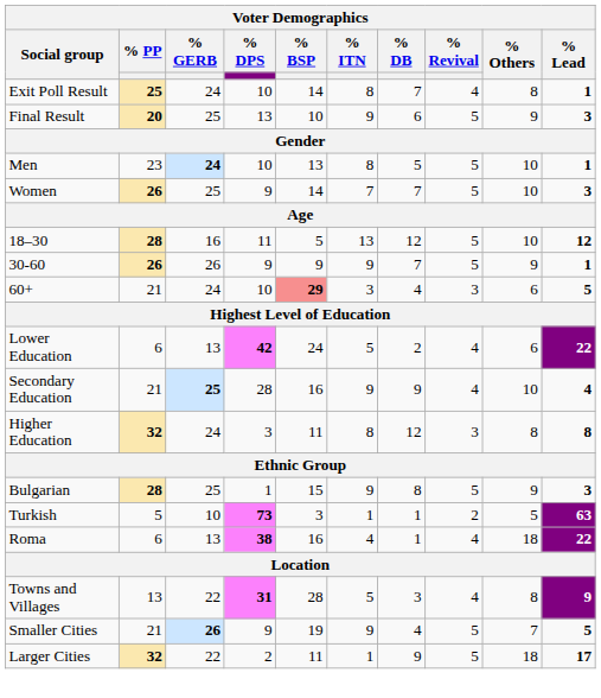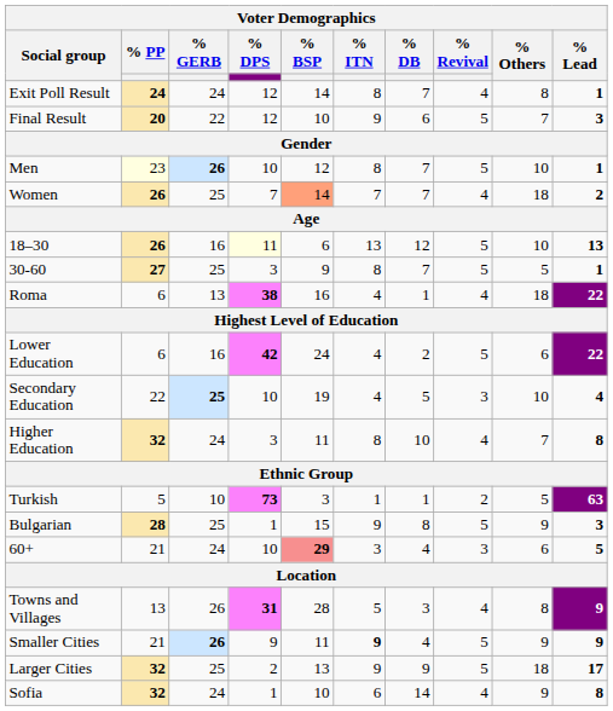 <table class=wikitable>
 <tr>
 <th colspan="10">Voter Demographics</th>
 </tr>
 <tr>
 <th style="width:150px;" rowspan="2">Social group</th>
 <th style="width:60px;" class="unsortable">% <a href='#'>PP</a></th>
 <th style="width:60px;" class="unsortable">% <a href='#'>GERB</a></th>
 <th style="width:60px;" class="unsortable">% <a href='#'>DPS</a></th>
 <th style="width:60px;" class="unsortable">% <a href='#'>BSP</a></th>
 <th style="width:60px;" class="unsortable">% <a href='#'>ITN</a></th>
 <th style="width:60px;" class="unsortable">% <a href='#'>DB</a></th>
 <th>% <a href='#'>Revival</a></th>
 <th style="width:60px;" rowspan="2" class="unsortable">% Others</th>
 <th style="width:60px;" rowspan="2" class="unsortable">% Lead</th>
 </tr>
 <tr>
 <th class="unsortable" style="color:inherit;background:"></th>
 <th class="unsortable" style="color:inherit;background:"></th>
 <th class="unsortable" style="color:inherit;background:#800080;  width:60px;"></th>
 <th class="unsortable" style="color:inherit;background:"></th>
 <th class="unsortable" style="color:inherit;background:"></th>
 <th class="unsortable" style="color:inherit;background:"></th>
 <th class="unsortable" style="color:inherit;background:"></th>
 </tr>
 <tr>
 <td>Exit Poll Result</td>
-<td style="text-align:right; background:#FBE8AF;"><strong>25</strong></td>
+<td style="text-align:right; background:#FBE8AF;"><strong>24</strong></td>
 <td style="text-align:right;">24</td>
-<td style="text-align:right;">10</td>
+<td style="text-align:right;">12</td>
 <td style="text-align:right;">14</td>
 <td style="text-align:right;">8</td>
 <td style="text-align:right;">7</td>
 <td style="text-align:right;">4</td>
 <td style="text-align:right;">8</td>
 <td style="text-align:right; background:"><strong>1</strong></td>
 </tr>
 <tr>
 <td>Final Result</td>
 <td style="text-align:right; background:#FBE8AF;"><strong>20</strong></td>
-<td style="text-align:right;">25</td>
-<td style="text-align:right;">13</td>
+<td style="text-align:right;">22</td>
+<td style="text-align:right;">12</td>
 <td style="text-align:right;">10</td>
 <td style="text-align:right;">9</td>
 <td style="text-align:right;">6</td>
 <td style="text-align:right;">5</td>
-<td style="text-align:right;">9</td>
+<td style="text-align:right;">7</td>
 <td style="text-align:right; background:"><strong>3</strong></td>
 </tr>
 <tr>
 <th colspan=10>Gender</th>
 </tr>
 <tr>
 <td>Men</td>
-<td style="text-align:right;">23</td>
-<td style="text-align:right; background:#CCE6FF;"><strong>24</strong></td>
+<td style="background: lightyellow; text-align:right;">23</td>
+<td style="text-align:right; background:#CCE6FF;"><strong>26</strong></td>
 <td style="text-align:right;">10</td>
-<td style="text-align:right;">13</td>
+<td style="text-align:right;">12</td>
 <td style="text-align:right;">8</td>
-<td style="text-align:right;">5</td>
+<td style="text-align:right;">7</td>
 <td style="text-align:right;">5</td>
 <td style="text-align:right;">10</td>
 <td style="text-align:right; background:"><strong>1</strong></td>
 </tr>
 <tr>
 <td>Women</td>
 <td style="text-align:right; background:#FBE8AF;"><strong>26</strong></td>
 <td style="text-align:right;">25</td>
-<td style="text-align:right;">9</td>
-<td style="text-align:right;">14</td>
+<td style="text-align:right;">7</td>
+<td style="background: lightsalmon; text-align:right;">14</td>
 <td style="text-align:right;">7</td>
 <td style="text-align:right;">7</td>
-<td style="text-align:right;">5</td>
-<td style="text-align:right;">10</td>
-<td style="text-align:right; background:"><strong>3</strong></td>
+<td style="text-align:right;">4</td>
+<td style="text-align:right;">18</td>
+<td style="text-align:right; background:"><strong>2</strong></td>
 </tr>
 <tr>
 <th colspan=10>Age</th>
 </tr>
 <tr>
 <td>18–30</td>
-<td style="text-align:right; background:#FBE8AF;"><strong>28</strong></td>
+<td style="text-align:right; background:#FBE8AF;"><strong>26</strong></td>
 <td style="text-align:right;">16</td>
-<td style="text-align:right;">11</td>
-<td style="text-align:right;">5</td>
+<td style="background: lightyellow; text-align:right;">11</td>
+<td style="text-align:right;">6</td>
 <td style="text-align:right;">13</td>
 <td style="text-align:right;">12</td>
 <td style="text-align:right;">5</td>
 <td style="text-align:right;">10</td>
-<td style="text-align:right; background:"><strong>12</strong></td>
+<td style="text-align:right; background:"><strong>13</strong></td>
 </tr>
 <tr>
 <td>30-60</td>
-<td style="text-align:right; background:#FBE8AF;"><strong>26</strong></td>
-<td style="text-align:right;">26</td>
+<td style="text-align:right; background:#FBE8AF;"><strong>27</strong></td>
+<td style="text-align:right;">25</td>
+<td style="text-align:right;">3</td>
 <td style="text-align:right;">9</td>
-<td style="text-align:right;">9</td>
-<td style="text-align:right;">9</td>
+<td style="text-align:right;">8</td>
 <td style="text-align:right;">7</td>
 <td style="text-align:right;">5</td>
+<td style="text-align:right;">5</td>
+<td style="text-align:right; background:"><strong>1</strong></td>
+</tr>
+<tr>
+<td>Roma</td>
+<td style="text-align:right;">6</td>
+<td style="text-align:right;">13</td>
+<td style="text-align:right; background:#FC81FC"><strong>38</strong></td>
+<td style="text-align:right;">16</td>
+<td style="text-align:right;">4</td>
+<td style="text-align:right;">1</td>
+<td style="text-align:right;">4</td>
+<td style="text-align:right;">18</td>
+<td style="text-align:right; background:#800080; color:white;"><strong>22</strong></td>
+</tr>
+<tr>
+<th colspan=10>Highest Level of Education</th>
+</tr>
+<tr>
+<td>Lower Education</td>
+<td style="text-align:right;">6</td>
+<td style="text-align:right;">16</td>
+<td style="text-align:right; background:#FC81FC"><strong>42</strong></td>
+<td style="text-align:right;">24</td>
+<td style="text-align:right;">4</td>
+<td style="text-align:right;">2</td>
+<td style="text-align:right;">5</td>
+<td style="text-align:right;">6</td>
+<td style="text-align:right; background:#800080; color:white;"><strong>22</strong></td>
+</tr>
+<tr>
+<td>Secondary Education</td>
+<td style="text-align:right;">22</td>
+<td style="text-align:right; background:#CCE6FF;"><strong>25</strong></td>
+<td style="text-align:right;">10</td>
+<td style="text-align:right;">19</td>
+<td style="text-align:right;">4</td>
+<td style="text-align:right;">5</td>
+<td style="text-align:right;">3</td>
+<td style="text-align:right;">10</td>
+<td style="text-align:right; background:"><strong>4</strong></td>
+</tr>
+<tr>
+<td>Higher Education</td>
+<td style="text-align:right; background:#FBE8AF;"><strong>32</strong></td>
+<td style="text-align:right;">24</td>
+<td style="text-align:right;">3</td>
+<td style="text-align:right;">11</td>
+<td style="text-align:right;">8</td>
+<td style="text-align:right;">10</td>
+<td style="text-align:right;">4</td>
+<td style="text-align:right;">7</td>
+<td style="text-align:right; background:"><strong>8</strong></td>
+</tr>
+<tr>
+<th colspan=10>Ethnic Group</th>
+</tr>
+<tr>
+<td>Turkish</td>
+<td style="text-align:right;">5</td>
+<td style="text-align:right;">10</td>
+<td style="text-align:right; background:#FC81FC"><strong>73</strong></td>
+<td style="text-align:right;">3</td>
+<td style="text-align:right;">1</td>
+<td style="text-align:right;">1</td>
+<td style="text-align:right;">2</td>
+<td style="text-align:right;">5</td>
+<td style="text-align:right; background:#800080; color:white;"><strong>63</strong></td>
+</tr>
+<tr>
+<td>Bulgarian</td>
+<td style="text-align:right; background:#FBE8AF;"><strong>28</strong></td>
+<td style="text-align:right;">25</td>
+<td style="text-align:right;">1</td>
+<td style="text-align:right;">15</td>
 <td style="text-align:right;">9</td>
-<td style="text-align:right; background:"><strong>1</strong></td>
+<td style="text-align:right;">8</td>
+<td style="text-align:right;">5</td>
+<td style="text-align:right;">9</td>
+<td style="text-align:right; background:"><strong>3</strong></td>
 </tr>
 <tr>
 <td>60+</td>
 <td style="text-align:right;">21</td>
 <td style="text-align:right;">24</td>
 <td style="text-align:right;">10</td>
 <td style="text-align:right; background:#F78F8F;"><strong>29</strong></td>
 <td style="text-align:right;">3</td>
 <td style="text-align:right;">4</td>
 <td style="text-align:right;">3</td>
 <td style="text-align:right;">6</td>
 <td style="text-align:right; background:"><strong>5</strong></td>
 </tr>
 <tr>
-<th colspan=10>Highest Level of Education</th>
-</tr>
-<tr>
-<td>Lower Education</td>
-<td style="text-align:right;">6</td>
-<td style="text-align:right;">13</td>
-<td style="text-align:right; background:#FC81FC"><strong>42</strong></td>
-<td style="text-align:right;">24</td>
-<td style="text-align:right;">5</td>
-<td style="text-align:right;">2</td>
-<td style="text-align:right;">4</td>
-<td style="text-align:right;">6</td>
-<td style="text-align:right; background:#800080; color:white;"><strong>22</strong></td>
-</tr>
-<tr>
-<td>Secondary Education</td>
-<td style="text-align:right;">21</td>
-<td style="text-align:right; background:#CCE6FF;"><strong>25</strong></td>
-<td style="text-align:right;">28</td>
-<td style="text-align:right;">16</td>
-<td style="text-align:right;">9</td>
-<td style="text-align:right;">9</td>
-<td style="text-align:right;">4</td>
-<td style="text-align:right;">10</td>
-<td style="text-align:right; background:"><strong>4</strong></td>
-</tr>
-<tr>
-<td>Higher Education</td>
-<td style="text-align:right; background:#FBE8AF;"><strong>32</strong></td>
-<td style="text-align:right;">24</td>
-<td style="text-align:right;">3</td>
-<td style="text-align:right;">11</td>
-<td style="text-align:right;">8</td>
-<td style="text-align:right;">12</td>
-<td style="text-align:right;">3</td>
-<td style="text-align:right;">8</td>
-<td style="text-align:right; background:"><strong>8</strong></td>
-</tr>
-<tr>
-<th colspan=10>Ethnic Group</th>
-</tr>
-<tr>
-<td>Bulgarian</td>
-<td style="text-align:right; background:#FBE8AF;"><strong>28</strong></td>
-<td style="text-align:right;">25</td>
-<td style="text-align:right;">1</td>
-<td style="text-align:right;">15</td>
-<td style="text-align:right;">9</td>
-<td style="text-align:right;">8</td>
-<td style="text-align:right;">5</td>
-<td style="text-align:right;">9</td>
-<td style="text-align:right; background:"><strong>3</strong></td>
-</tr>
-<tr>
-<td>Turkish</td>
-<td style="text-align:right;">5</td>
-<td style="text-align:right;">10</td>
-<td style="text-align:right; background:#FC81FC"><strong>73</strong></td>
-<td style="text-align:right;">3</td>
-<td style="text-align:right;">1</td>
-<td style="text-align:right;">1</td>
-<td style="text-align:right;">2</td>
-<td style="text-align:right;">5</td>
-<td style="text-align:right; background:#800080; color:white;"><strong>63</strong></td>
-</tr>
-<tr>
-<td>Roma</td>
-<td style="text-align:right;">6</td>
-<td style="text-align:right;">13</td>
-<td style="text-align:right; background:#FC81FC"><strong>38</strong></td>
-<td style="text-align:right;">16</td>
-<td style="text-align:right;">4</td>
-<td style="text-align:right;">1</td>
-<td style="text-align:right;">4</td>
-<td style="text-align:right;">18</td>
-<td style="text-align:right; background:#800080; color:white;"><strong>22</strong></td>
-</tr>
-<tr>
 <th colspan=10>Location</th>
 </tr>
 <tr>
 <td>Towns and Villages</td>
 <td style="text-align:right;">13</td>
-<td style="text-align:right;">22</td>
+<td style="text-align:right;">26</td>
 <td style="text-align:right; background:#FC81FC"><strong>31</strong></td>
 <td style="text-align:right;">28</td>
 <td style="text-align:right;">5</td>
 <td style="text-align:right;">3</td>
 <td style="text-align:right;">4</td>
 <td style="text-align:right;">8</td>
 <td style="text-align:right; background:#800080; color:white;"><strong>9</strong></td>
 </tr>
 <tr>
 <td>Smaller Cities</td>
 <td style="text-align:right;">21</td>
 <td style="text-align:right; background:#CCE6FF;"><strong>26</strong></td>
 <td style="text-align:right;">9</td>
-<td style="text-align:right;">19</td>
-<td style="text-align:right;">9</td>
+<td style="text-align:right;">11</td>
+<td style="text-align:right;"><strong>9</strong></td>
 <td style="text-align:right;">4</td>
 <td style="text-align:right;">5</td>
-<td style="text-align:right;">7</td>
-<td style="text-align:right; background:"><strong>5</strong></td>
+<td style="text-align:right;">9</td>
+<td style="text-align:right; background:"><strong>9</strong></td>
 </tr>
 <tr>
 <td>Larger Cities</td>
 <td style="text-align:right; background:#FBE8AF;"><strong>32</strong></td>
-<td style="text-align:right;">22</td>
+<td style="text-align:right;">25</td>
 <td style="text-align:right;">2</td>
-<td style="text-align:right;">11</td>
-<td style="text-align:right;">1</td>
+<td style="text-align:right;">13</td>
+<td style="text-align:right;">9</td>
 <td style="text-align:right;">9</td>
 <td style="text-align:right;">5</td>
 <td style="text-align:right;">18</td>
 <td style="text-align:right; background:"><strong>17</strong></td>
 </tr>
+<tr>
+<td>Sofia</td>
+<td style="text-align:right; background:#FBE8AF;"><strong>32</strong></td>
+<td style="text-align:right;">24</td>
+<td style="text-align:right;">1</td>
+<td style="text-align:right;">10</td>
+<td style="text-align:right;">6</td>
+<td style="text-align:right;">14</td>
+<td style="text-align:right;">4</td>
+<td style="text-align:right;">9</td>
+<td style="text-align:right; background:"><strong>8</strong></td>
+</tr>
 </table>
